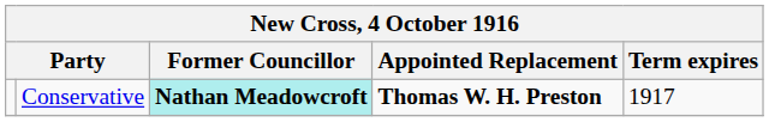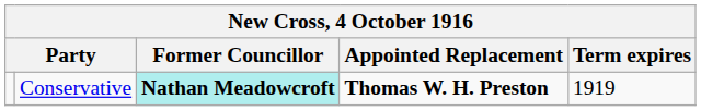 <table class="wikitable">
 <tr>
 <th colspan="5"><strong>New Cross, 4 October 1916</strong></th>
 </tr>
 <tr>
 <th colspan="2">Party</th>
 <th>Former Councillor</th>
 <th>Appointed Replacement</th>
 <th>Term expires</th>
 </tr>
 <tr>
 <td style="background-color:"></td>
 <td><a href='#'>Conservative</a></td>
 <td style="background: paleturquoise;"><strong>Nathan Meadowcroft</strong></td>
 <td><strong>Thomas W. H. Preston</strong></td>
-<td>1917</td>
+<td>1919</td>
 </tr>
 <tr>
 </tr>
 </table>
